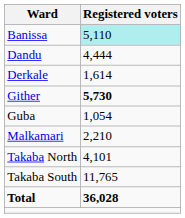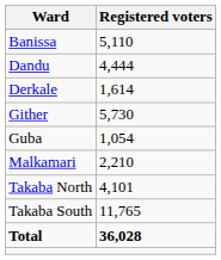 <table class="wikitable">
 <tr>
 <th>Ward</th>
 <th>Registered voters</th>
 </tr>
 <tr>
 <td><a href='#'>Banissa</a></td>
-<td style="background: paleturquoise;">5,110</td>
+<td>5,110</td>
 </tr>
 <tr>
 <td><a href='#'>Dandu</a></td>
 <td>4,444</td>
 </tr>
 <tr>
 <td><a href='#'>Derkale</a></td>
 <td>1,614</td>
 </tr>
 <tr>
 <td><a href='#'>Gither</a></td>
-<td><strong>5,730</strong></td>
+<td>5,730</td>
 </tr>
 <tr>
 <td>Guba</td>
 <td>1,054</td>
 </tr>
 <tr>
 <td><a href='#'>Malkamari</a></td>
 <td>2,210</td>
 </tr>
 <tr>
 <td><a href='#'>Takaba</a> North</td>
 <td>4,101</td>
 </tr>
 <tr>
 <td>Takaba South</td>
 <td>11,765</td>
 </tr>
 <tr>
 <td><strong>Total</strong></td>
 <td><strong>36,028</strong></td>
 </tr>
 <tr>
 <td colspan="2"></td>
 </tr>
 </table>
